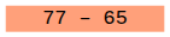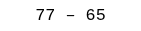 <table style="text-align:center">
 <tr>
 <th width=200></th>
 <th width=100></th>
 <th width=200></th>
 <th></th>
 </tr>
 <tr>
 <td align=right><strong></strong></td>
-<td style="background: lightsalmon;">77 – 65</td>
+<td>77 – 65</td>
 <td align=left></td>
 </tr>
 </table>
